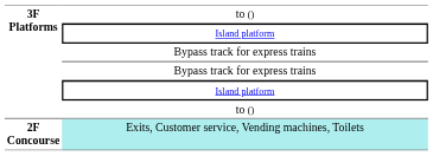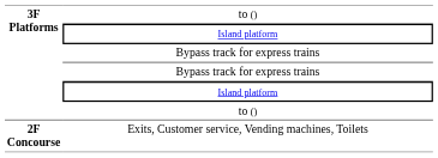 <table table border=0 cellspacing=0 cellpadding=3>
 <tr>
 <td style="border-bottom:solid 1px gray; border-top:solid 1px gray;text-align:center" rowspan="6" valign=top><strong>3F<br>Platforms</strong></td>
 <td style="border-bottom:solid 1px gray; border-top:solid 1px gray;text-align:center;">  to  <small>()</small></td>
 </tr>
 <tr>
 <td style="border-right:solid 2px black;border-left:solid 2px black;border-top:solid 2px black;border-bottom:solid 2px black;text-align:center;" colspan=2><small><a href='#'>Island platform</a></small></td>
 </tr>
 <tr>
 <td style="border-bottom:solid 1px gray;text-align:center;"> Bypass track for  express trains</td>
 </tr>
 <tr>
 <td style="border-bottom:solid 1px gray; border-top:solid 1px gray;text-align:center;">Bypass track for  express trains </td>
 </tr>
 <tr>
 <td style="border-right:solid 2px black;border-left:solid 2px black;border-top:solid 2px black;border-bottom:solid 2px black;text-align:center;" colspan=2><small><a href='#'>Island platform</a></small></td>
 </tr>
 <tr>
 <td style="border-bottom:solid 1px gray;text-align:center;"> to  <small>()</small> </td>
 </tr>
 <tr>
 <td style="border-bottom:solid 1px gray; border-top:solid 1px gray;text-align:center" valign=top><strong>2F<br>Concourse</strong></td>
-<td style="background: paleturquoise; border-bottom:solid 1px gray; border-top:solid 1px gray;text-align:center;" valign=top width=500>Exits, Customer service, Vending machines, Toilets</td>
+<td style="border-bottom:solid 1px gray; border-top:solid 1px gray;text-align:center;" valign=top width=500>Exits, Customer service, Vending machines, Toilets</td>
 </tr>
 <tr>
 </tr>
 </table>
